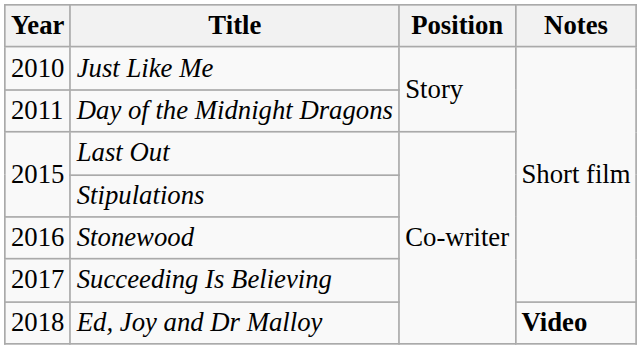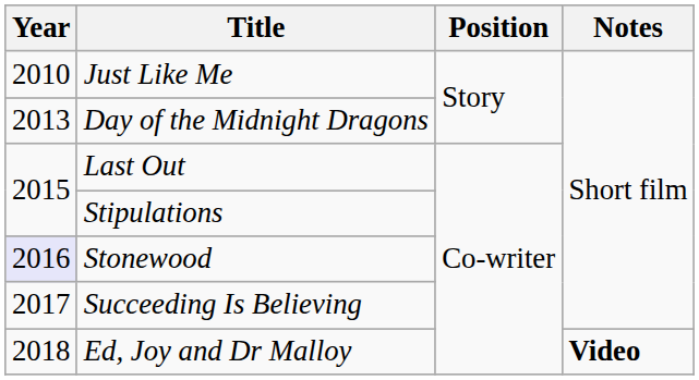 <table class="wikitable sortable">
 <tr>
 <th>Year</th>
 <th>Title</th>
 <th>Position</th>
 <th>Notes</th>
 </tr>
 <tr>
 <td>2010</td>
 <td><em>Just Like Me</em></td>
 <td rowspan="2">Story</td>
 <td rowspan="6">Short film</td>
 </tr>
 <tr>
-<td>2011</td>
+<td>2013</td>
 <td><em>Day of the Midnight Dragons</em></td>
 </tr>
 <tr>
 <td rowspan="2">2015</td>
 <td><em>Last Out</em></td>
 <td rowspan="5">Co-writer</td>
 </tr>
 <tr>
 <td><em>Stipulations</em></td>
 </tr>
 <tr>
-<td>2016</td>
+<td style="background: lavender;">2016</td>
 <td><em>Stonewood</em></td>
 </tr>
 <tr>
 <td>2017</td>
 <td><em>Succeeding Is Believing</em></td>
 </tr>
 <tr>
 <td>2018</td>
 <td><em>Ed, Joy and Dr Malloy</em></td>
 <td><strong>Video</strong></td>
 </tr>
 </table>
